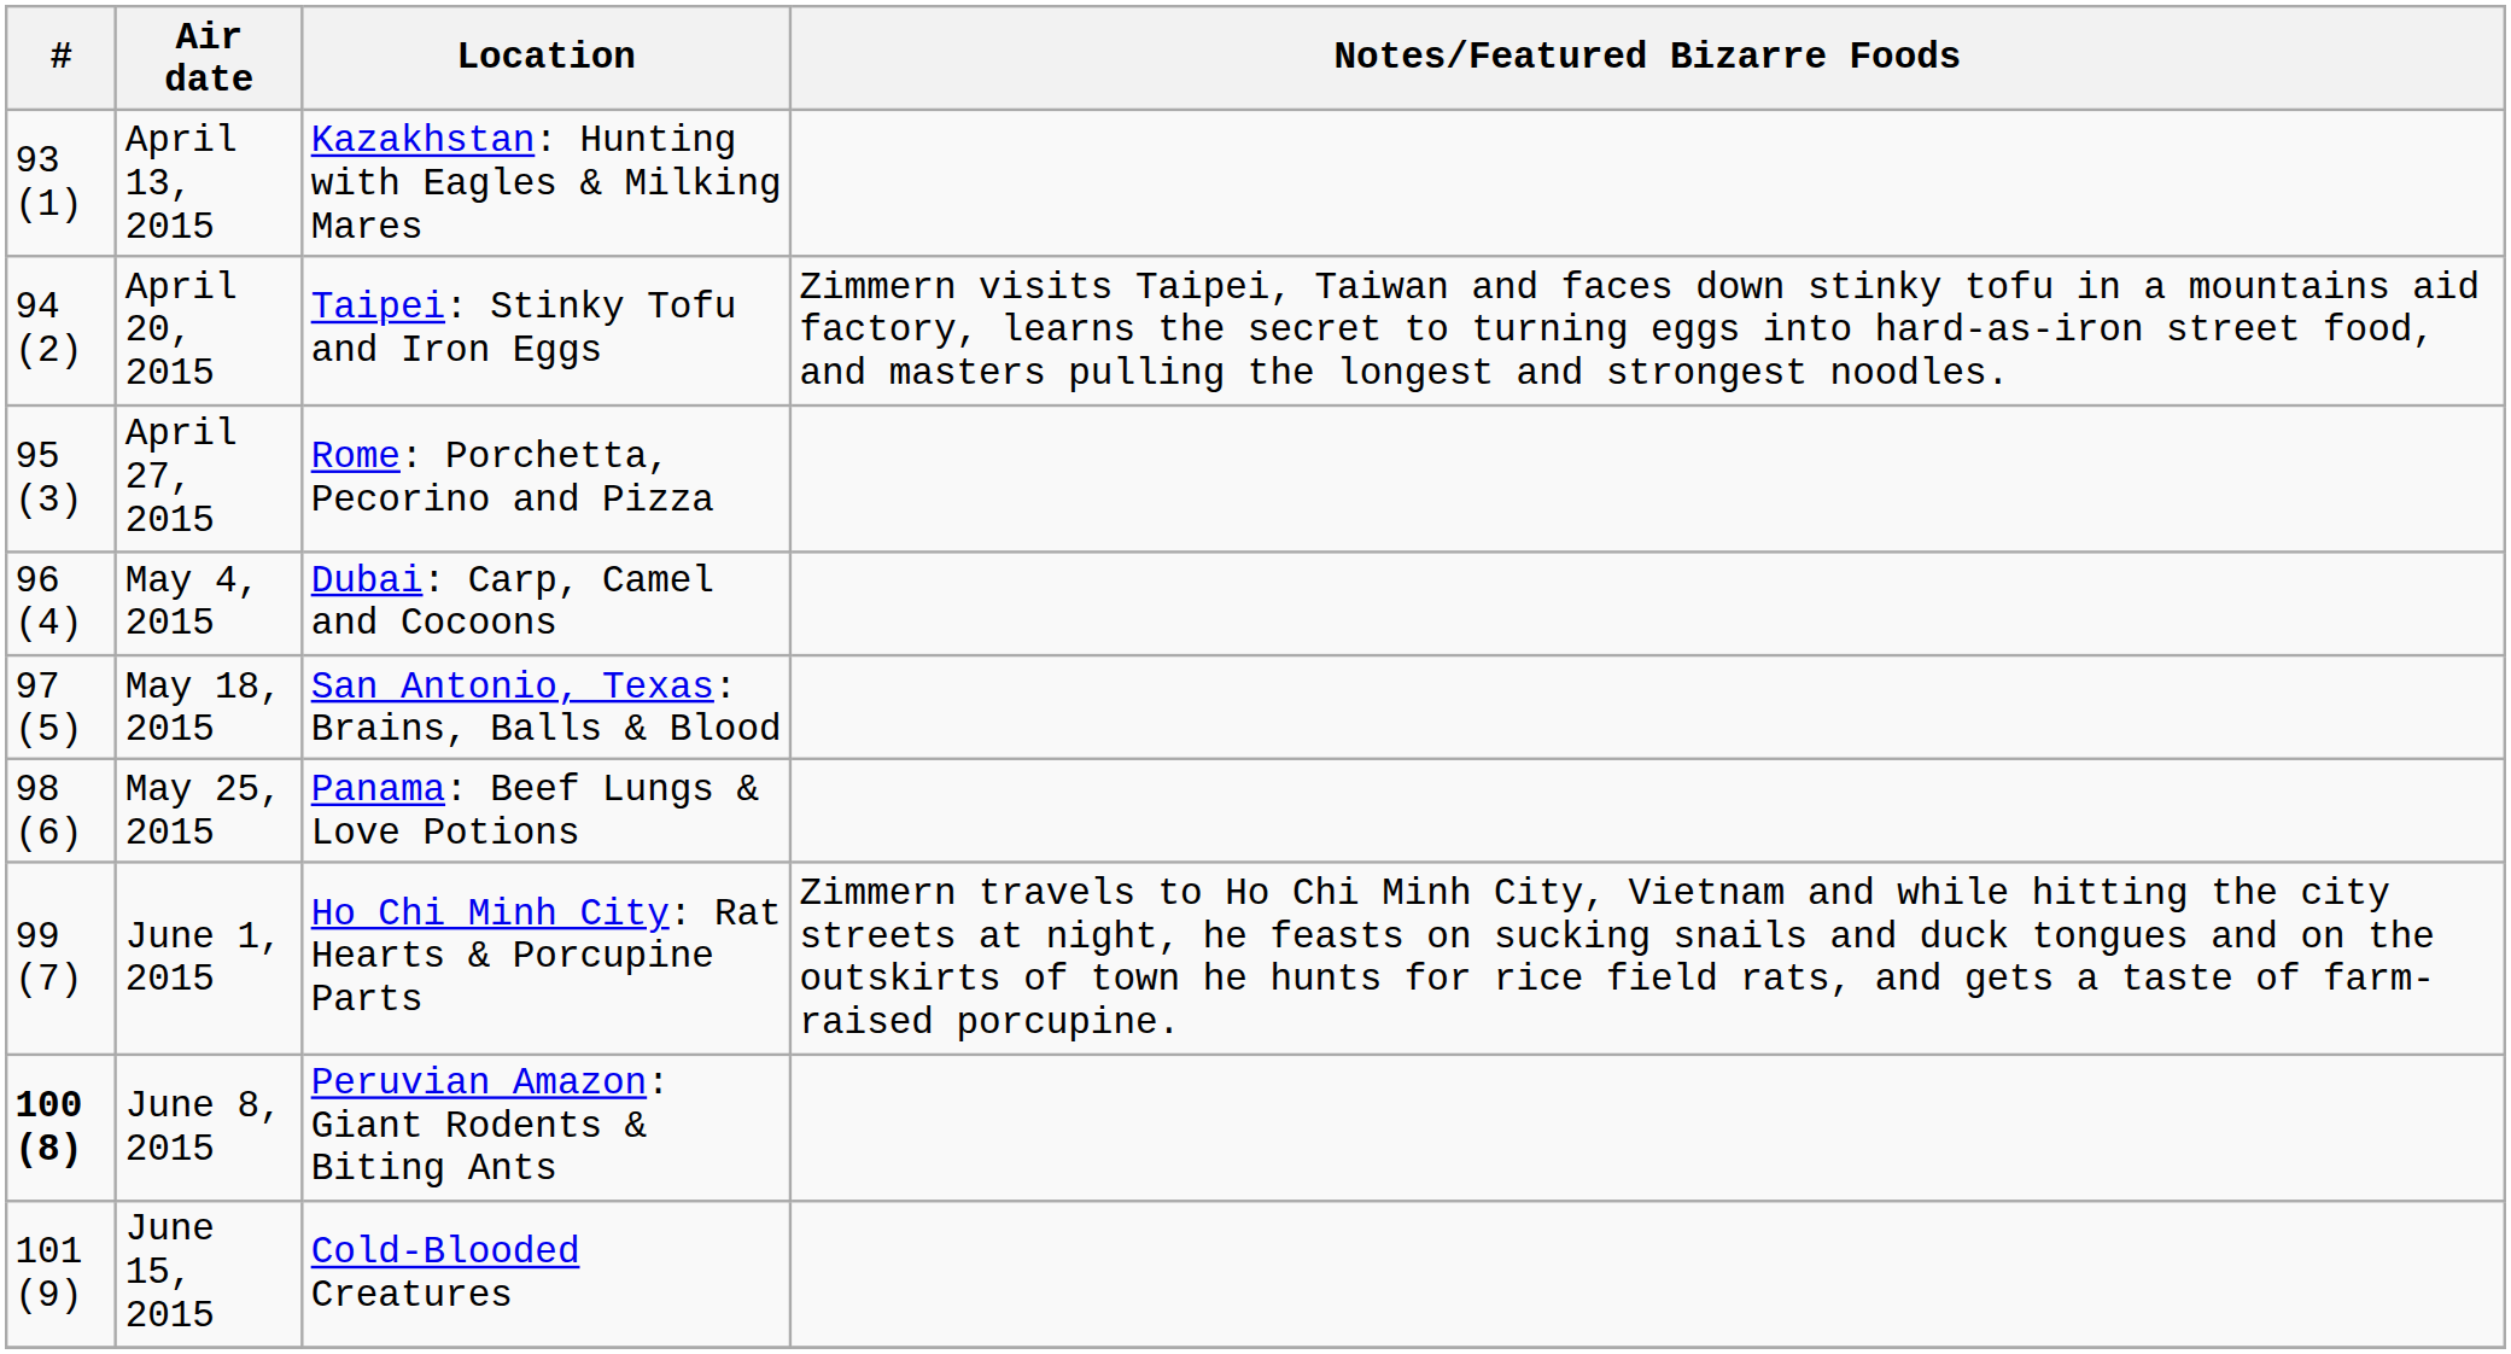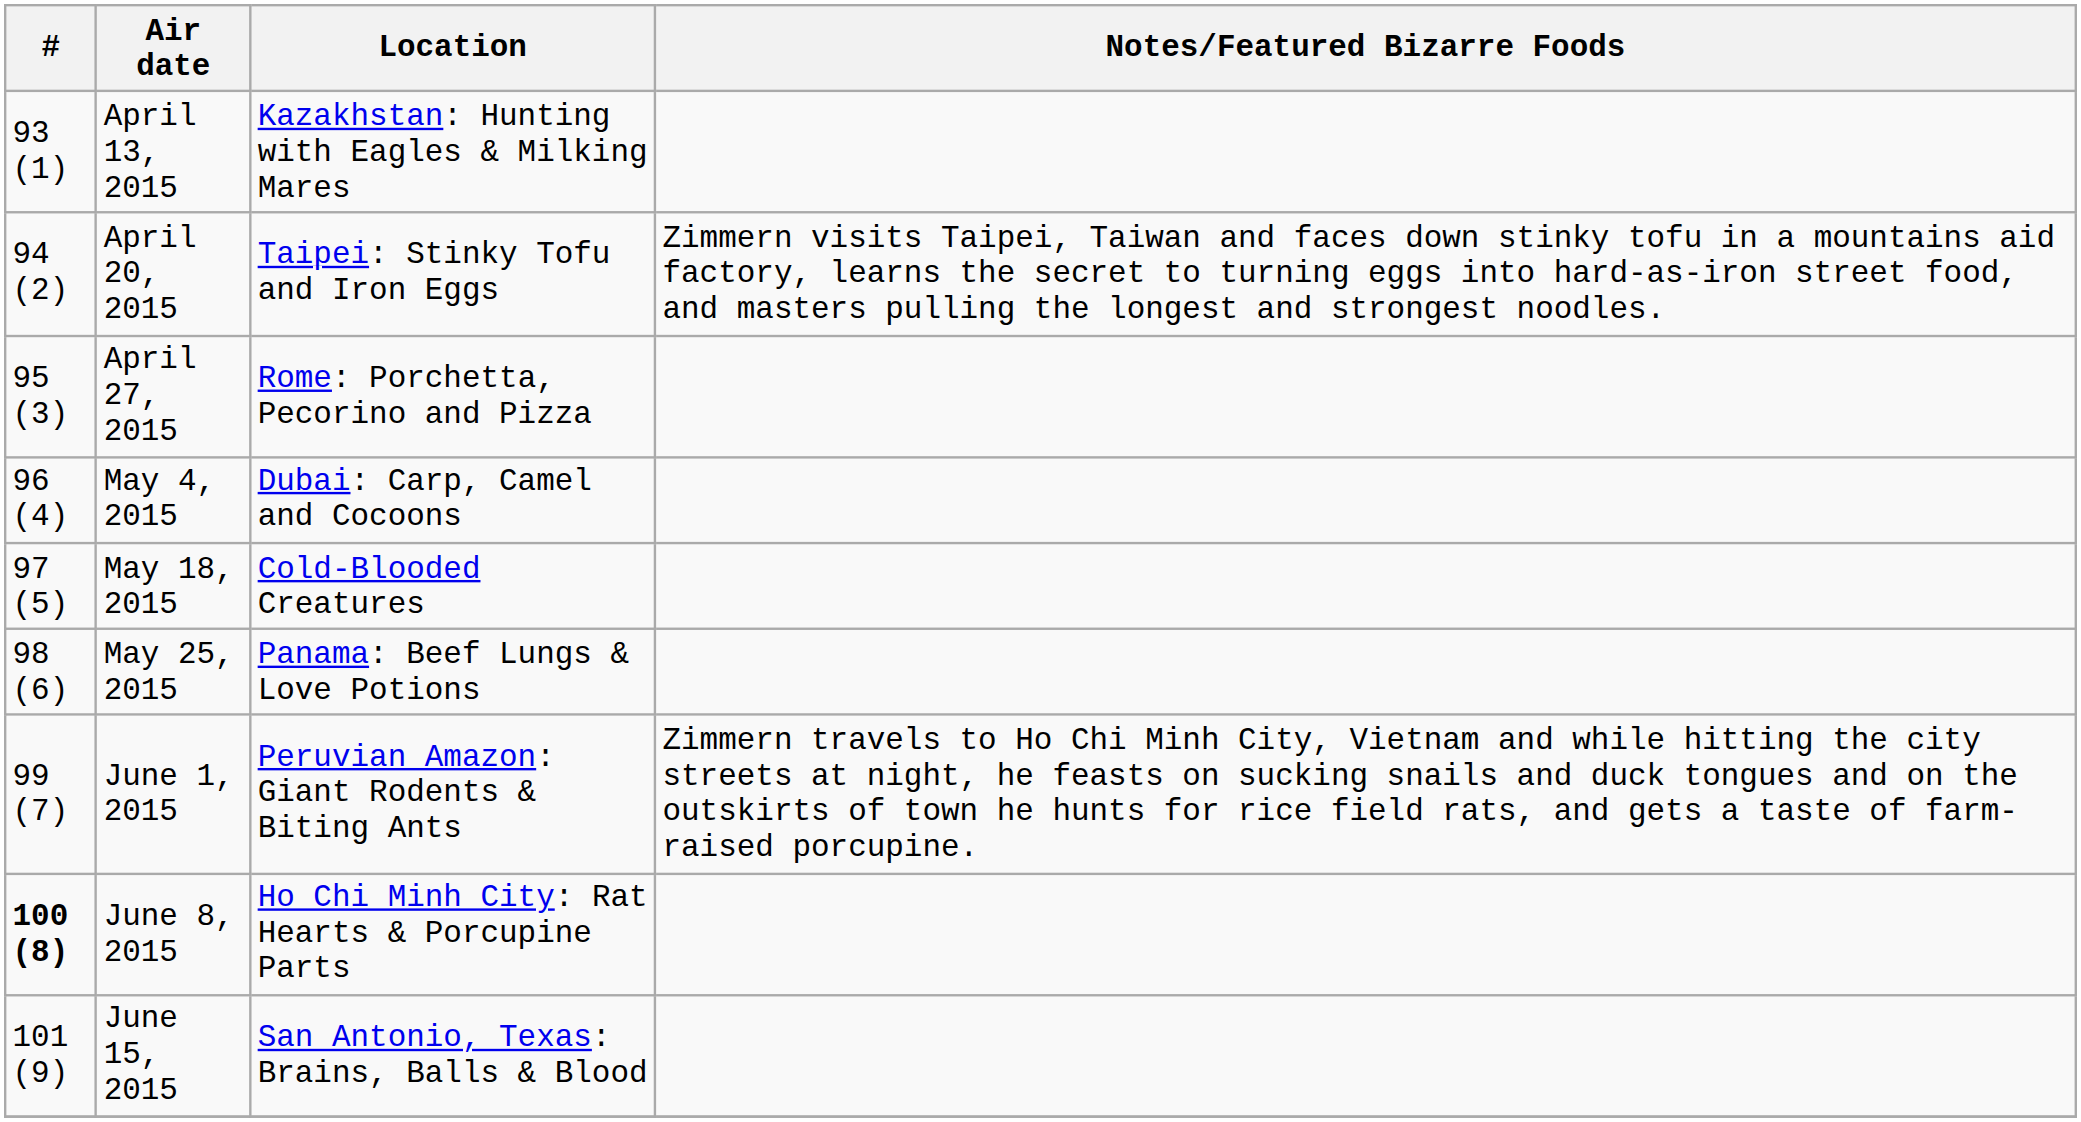 <table class="wikitable">
 <tr style="background:#EFEFEF">
 <th>#</th>
 <th>Air date</th>
 <th>Location</th>
 <th>Notes/Featured Bizarre Foods</th>
 </tr>
 <tr>
 <td>93 (1)</td>
 <td>April 13, 2015</td>
 <td><a href='#'>Kazakhstan</a>: Hunting with Eagles & Milking Mares</td>
 <td></td>
 </tr>
 <tr>
 <td>94 (2)</td>
 <td>April 20, 2015</td>
 <td><a href='#'>Taipei</a>: Stinky Tofu and Iron Eggs</td>
 <td>Zimmern visits Taipei, Taiwan and faces down stinky tofu in a mountains aid factory, learns the secret to turning eggs into hard-as-iron street food, and masters pulling the longest and strongest noodles.</td>
 </tr>
 <tr>
 <td>95 (3)</td>
 <td>April 27, 2015</td>
 <td><a href='#'>Rome</a>: Porchetta, Pecorino and Pizza</td>
 <td></td>
 </tr>
 <tr>
 <td>96 (4)</td>
 <td>May 4, 2015</td>
 <td><a href='#'>Dubai</a>: Carp, Camel and Cocoons</td>
 <td></td>
 </tr>
 <tr>
 <td>97 (5)</td>
 <td>May 18, 2015</td>
-<td><a href='#'>San Antonio, Texas</a>: Brains, Balls & Blood</td>
+<td><a href='#'>Cold-Blooded</a> Creatures</td>
 <td></td>
 </tr>
 <tr>
 <td>98 (6)</td>
 <td>May 25, 2015</td>
 <td><a href='#'>Panama</a>: Beef Lungs & Love Potions</td>
 <td></td>
 </tr>
 <tr>
 <td>99 (7)</td>
 <td>June 1, 2015</td>
-<td><a href='#'>Ho Chi Minh City</a>: Rat Hearts & Porcupine Parts</td>
+<td><a href='#'>Peruvian Amazon</a>: Giant Rodents & Biting Ants</td>
 <td>Zimmern travels to Ho Chi Minh City, Vietnam and while hitting the city streets at night, he feasts on sucking snails and duck tongues and on the outskirts of town he hunts for rice field rats, and gets a taste of farm-raised porcupine.</td>
 </tr>
 <tr>
 <td><strong>100 (8)</strong></td>
 <td>June 8, 2015</td>
-<td><a href='#'>Peruvian Amazon</a>: Giant Rodents & Biting Ants</td>
+<td><a href='#'>Ho Chi Minh City</a>: Rat Hearts & Porcupine Parts</td>
 <td></td>
 </tr>
 <tr>
 <td>101 (9)</td>
 <td>June 15, 2015</td>
-<td><a href='#'>Cold-Blooded</a> Creatures</td>
+<td><a href='#'>San Antonio, Texas</a>: Brains, Balls & Blood</td>
 <td></td>
 </tr>
 <tr>
 </tr>
 </table>
